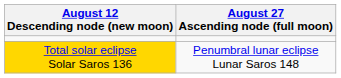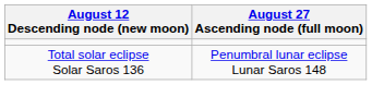 <table class="wikitable">
 <tr>
 <th><a href='#'>August 12</a><br>Descending node (new moon)<br></th>
 <th><a href='#'>August 27</a><br>Ascending node (full moon)<br></th>
 </tr>
 <tr>
 <td></td>
 <td></td>
 </tr>
 <tr align=center>
-<td style="background: gold;"><a href='#'>Total solar eclipse</a><br>Solar Saros 136</td>
+<td><a href='#'>Total solar eclipse</a><br>Solar Saros 136</td>
 <td><a href='#'>Penumbral lunar eclipse</a><br>Lunar Saros 148</td>
 </tr>
 </table>
